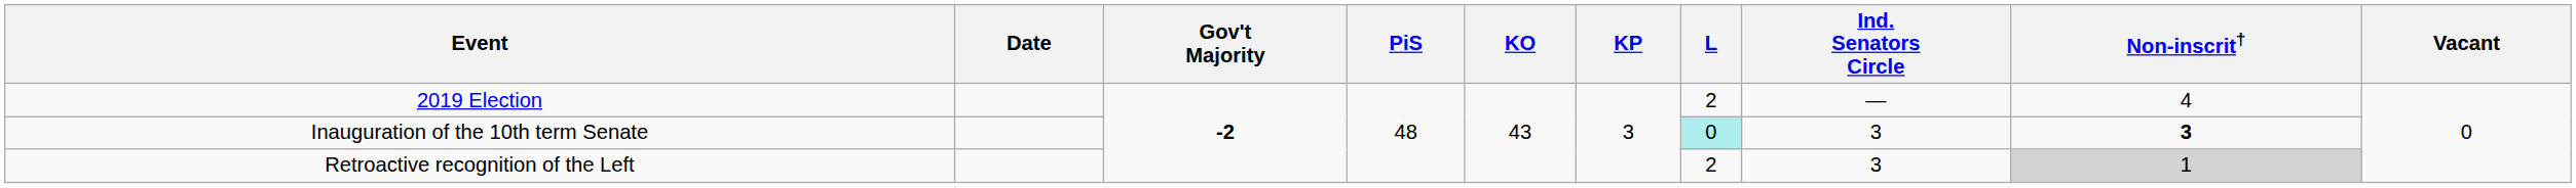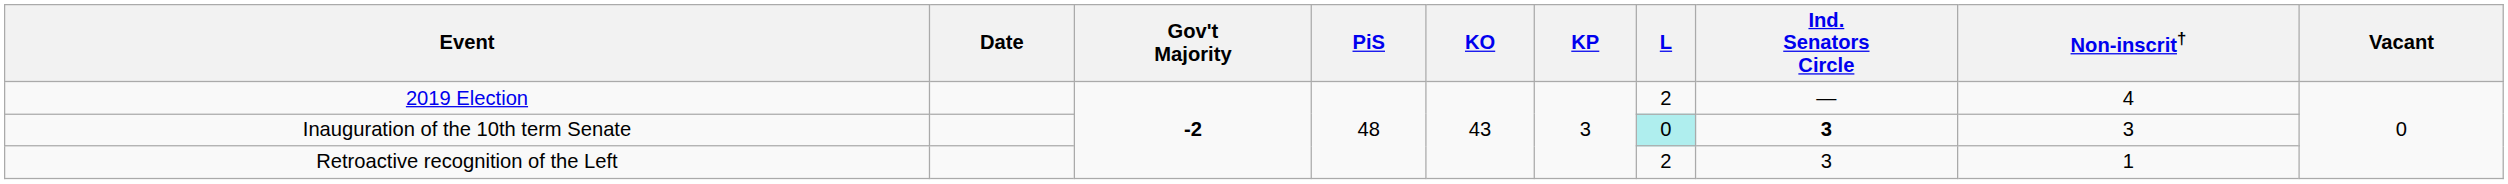 <table class="wikitable" style="text-align:center; width:100%">
 <tr>
 <th>Event</th>
 <th>Date</th>
 <th>Gov't<br>Majority</th>
 <th><a href='#'>PiS</a></th>
 <th><a href='#'>KO</a></th>
 <th><a href='#'>KP</a></th>
 <th><a href='#'>L</a></th>
 <th><a href='#'>Ind.<br>Senators<br>Circle</a></th>
 <th><a href='#'>Non-inscrit</a><sup>†</sup></th>
 <th>Vacant</th>
 </tr>
 <tr>
 <td><a href='#'>2019 Election</a></td>
 <td></td>
 <td rowspan="3"><strong>-2</strong></td>
 <td rowspan="3">48</td>
 <td rowspan="3">43</td>
 <td rowspan="3">3</td>
 <td>2</td>
 <td>—</td>
 <td>4</td>
 <td rowspan="3">0</td>
 </tr>
 <tr>
 <td>Inauguration of the 10th term Senate</td>
 <td></td>
 <td style="background: paleturquoise;">0</td>
+<td><strong>3</strong></td>
 <td>3</td>
-<td><strong>3</strong></td>
 </tr>
 <tr>
 <td>Retroactive recognition of the Left</td>
 <td></td>
 <td>2</td>
 <td>3</td>
-<td style="background: lightgrey;">1</td>
+<td>1</td>
 </tr>
 </table>
